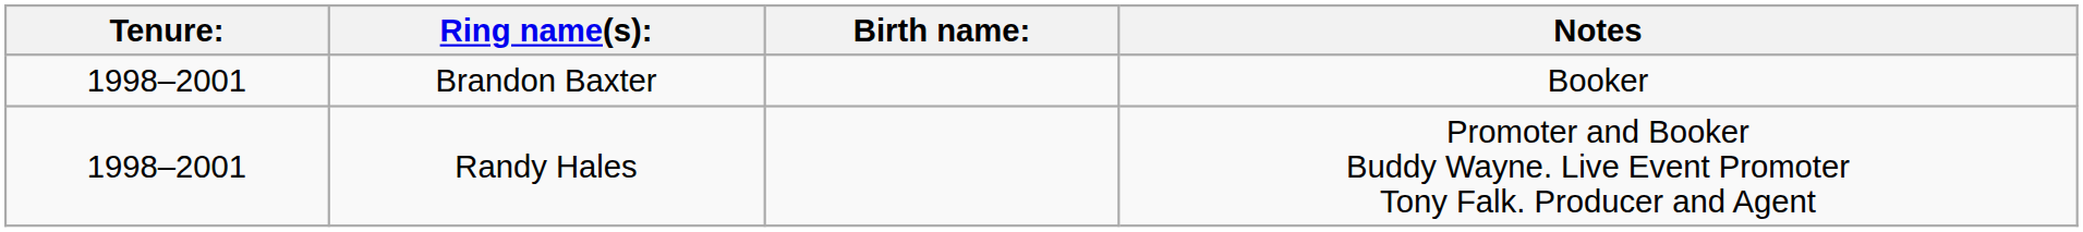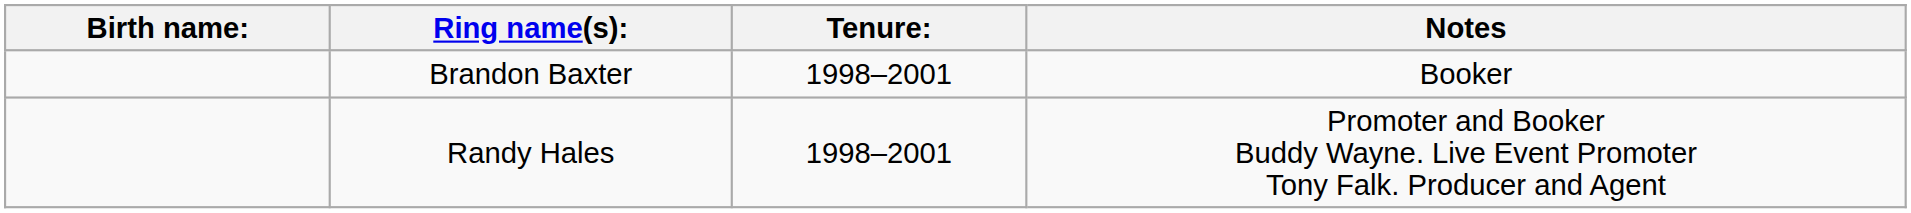 <table class="sortable wikitable" style="font-size:85%; text-align:center; width:70%;">
 <tr>
+<th>Birth name:</th>
+<th><a href='#'>Ring name</a>(s):</th>
 <th>Tenure:</th>
-<th><a href='#'>Ring name</a>(s):</th>
-<th>Birth name:</th>
 <th>Notes</th>
 </tr>
 <tr>
+<td></td>
+<td>Brandon Baxter</td>
 <td sort>1998–2001</td>
-<td>Brandon Baxter</td>
-<td></td>
 <td>Booker</td>
 </tr>
 <tr>
+<td></td>
+<td>Randy Hales</td>
 <td sort>1998–2001</td>
-<td>Randy Hales</td>
-<td></td>
 <td>Promoter and Booker<br>Buddy Wayne. Live Event Promoter<br>Tony Falk. Producer and Agent  </td>
 </tr>
 </table>
